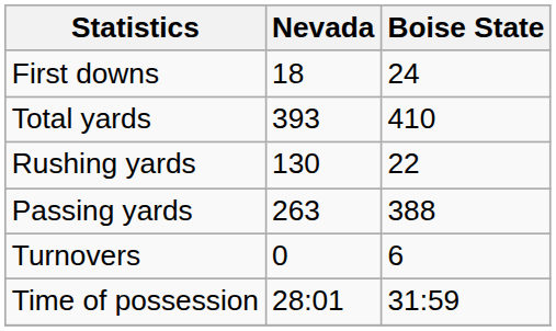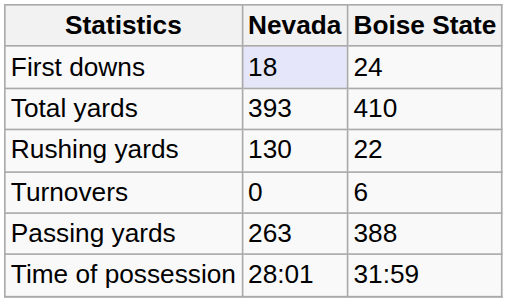 <table class="wikitable">
 <tr>
 <th>Statistics</th>
 <th>Nevada</th>
 <th>Boise State</th>
 </tr>
 <tr>
 <td>First downs</td>
-<td>18</td>
+<td style="background: lavender;">18</td>
 <td>24</td>
 </tr>
 <tr>
 <td>Total yards</td>
 <td>393</td>
 <td>410</td>
 </tr>
 <tr>
 <td>Rushing yards</td>
 <td>130</td>
 <td>22</td>
 </tr>
 <tr>
+<td>Turnovers</td>
+<td>0</td>
+<td>6</td>
+</tr>
+<tr>
 <td>Passing yards</td>
 <td>263</td>
 <td>388</td>
-</tr>
-<tr>
-<td>Turnovers</td>
-<td>0</td>
-<td>6</td>
 </tr>
 <tr>
 <td>Time of possession</td>
 <td>28:01</td>
 <td>31:59</td>
 </tr>
 <tr>
 </tr>
 </table>
